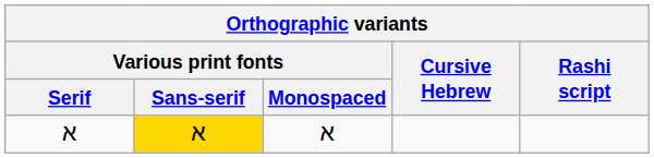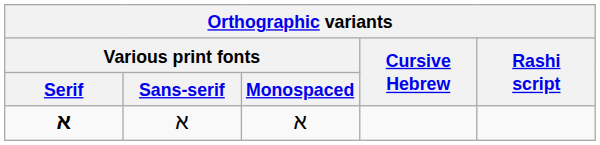 <table class="wikitable" style="text-align:center;">
 <tr>
 <th colspan="5"><small><a href='#'>Orthographic</a> variants</small></th>
 </tr>
 <tr>
 <th colspan="3"><small>Various print fonts</small></th>
 <th rowspan="2"><small><a href='#'>Cursive<br>Hebrew</a></small></th>
 <th rowspan="2"><small><a href='#'>Rashi<br>script</a></small></th>
 </tr>
 <tr>
 <th><small><a href='#'>Serif</a></small></th>
 <th><small><a href='#'>Sans-serif</a></small></th>
 <th><small><a href='#'>Monospaced</a></small> </th>
 </tr>
 <tr>
+<td width="20%"><strong><span>א</span></strong></td>
 <td width="20%"><span>א</span></td>
-<td width="20%" style="background: gold;"><span>א</span></td>
 <td width="20%"><span>א</span><br></td>
 <td width="20%"></td>
 <td width="20%"></td>
 </tr>
 </table>
